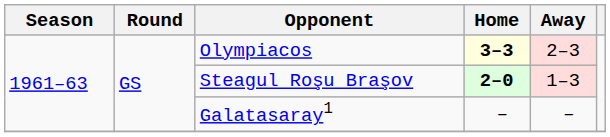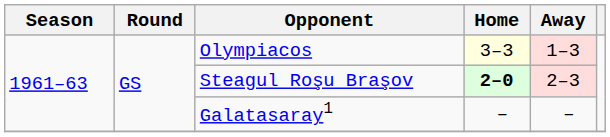 <table class="wikitable">
 <tr>
 <th width="70">Season</th>
 <th width="50">Round</th>
 <th width="180">Opponent</th>
 <th width="40">Home</th>
 <th width="40">Away</th>
 <th></th>
 </tr>
 <tr>
 <td rowspan="3"><a href='#'>1961–63</a></td>
 <td rowspan="3"><a href='#'>GS</a></td>
 <td> <a href='#'>Olympiacos</a></td>
-<td style="text-align:center; background:#ffd;"><strong>3–3</strong></td>
-<td style="text-align:center; background:#fdd;">2–3</td>
+<td style="text-align:center; background:#ffd;">3–3</td>
+<td style="text-align:center; background:#fdd;">1–3</td>
 <td rowspan=3 align="center"></td>
 </tr>
 <tr>
 <td> <a href='#'>Steagul Roşu Braşov</a></td>
 <td style="text-align:center; background:#dfd;"><strong>2–0</strong></td>
-<td style="text-align:center; background:#fdd;">1–3</td>
+<td style="text-align:center; background:#fdd;">2–3</td>
 </tr>
 <tr>
 <td> <a href='#'>Galatasaray</a><sup>1</sup></td>
 <td style="text-align:center;"> –</td>
 <td style="text-align:center;"> –</td>
 </tr>
 <tr>
 </tr>
 </table>
